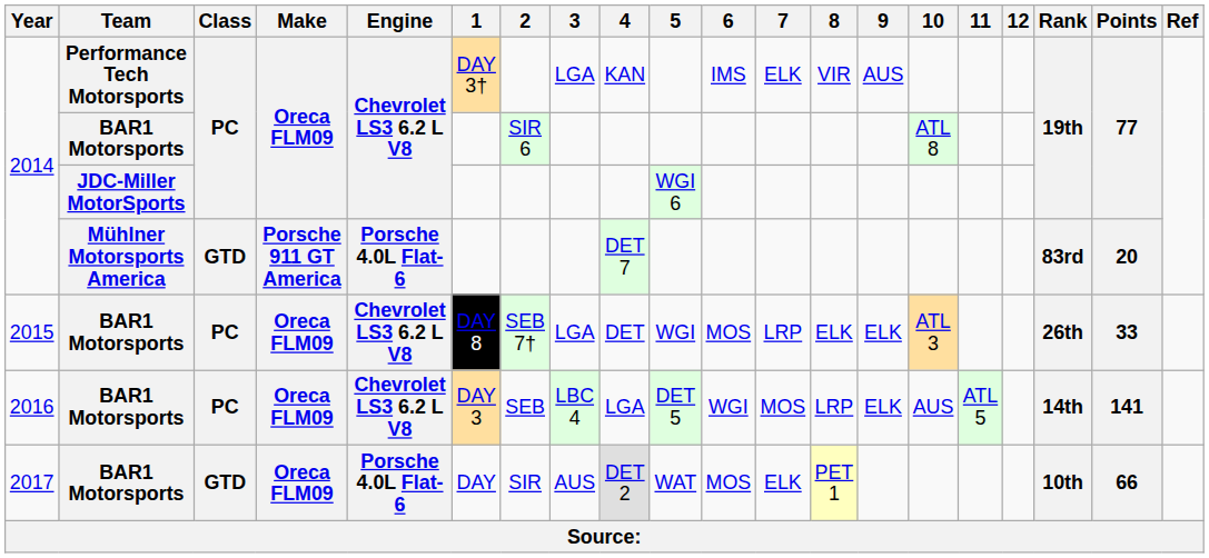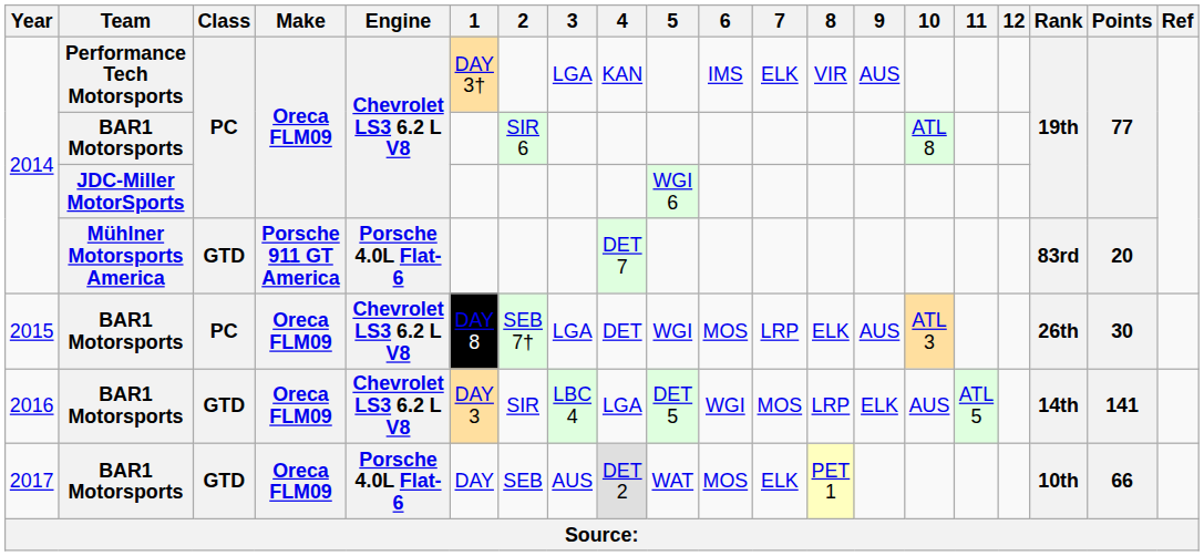 <table class="wikitable" style="text-align:center; font-size:90%">
 <tr>
 <th>Year</th>
 <th>Team</th>
 <th>Class</th>
 <th>Make</th>
 <th>Engine</th>
 <th>1</th>
 <th>2</th>
 <th>3</th>
 <th>4</th>
 <th>5</th>
 <th>6</th>
 <th>7</th>
 <th>8</th>
 <th>9</th>
 <th>10</th>
 <th>11</th>
 <th>12</th>
 <th>Rank</th>
 <th>Points</th>
 <th>Ref</th>
 </tr>
 <tr>
 <td rowspan="4"><a href='#'>2014</a></td>
 <th>Performance Tech Motorsports</th>
 <th rowspan="3">PC</th>
 <th rowspan="3"><a href='#'>Oreca FLM09</a></th>
 <th rowspan="3"><a href='#'>Chevrolet</a> <a href='#'>LS3</a> 6.2 L <a href='#'>V8</a></th>
 <td style="background:#FFDF9F;”"><a href='#'>DAY</a><br>3†</td>
 <td></td>
 <td><a href='#'>LGA</a><br></td>
 <td><a href='#'>KAN</a><br></td>
 <td></td>
 <td><a href='#'>IMS</a><br></td>
 <td><a href='#'>ELK</a><br></td>
 <td><a href='#'>VIR</a><br></td>
 <td><a href='#'>AUS</a><br></td>
 <td></td>
 <td></td>
 <td></td>
 <th rowspan="3">19th</th>
 <th rowspan="3">77</th>
 <td rowspan="4"></td>
 </tr>
 <tr>
 <th>BAR1 Motorsports</th>
 <td></td>
 <td style="background:#DFFFDF;"><a href='#'>SIR</a><br>6</td>
 <td></td>
 <td></td>
 <td></td>
 <td></td>
 <td></td>
 <td></td>
 <td></td>
 <td style="background:#DFFFDF;"><a href='#'>ATL</a><br>8</td>
 <td></td>
 <td></td>
 </tr>
 <tr>
 <th><a href='#'>JDC-Miller MotorSports</a></th>
 <td></td>
 <td></td>
 <td></td>
 <td></td>
 <td style="background:#DFFFDF;"><a href='#'>WGI</a><br>6</td>
 <td></td>
 <td></td>
 <td></td>
 <td></td>
 <td></td>
 <td></td>
 <td></td>
 </tr>
 <tr>
 <th><a href='#'>Mühlner Motorsports America</a></th>
 <th>GTD</th>
 <th><a href='#'>Porsche 911 GT America</a></th>
 <th><a href='#'>Porsche</a> 4.0L <a href='#'>Flat-6</a></th>
 <td></td>
 <td></td>
 <td></td>
 <td style="background:#DFFFDF;"><a href='#'>DET</a><br>7</td>
 <td></td>
 <td></td>
 <td></td>
 <td></td>
 <td></td>
 <td></td>
 <td></td>
 <td></td>
 <th>83rd</th>
 <th>20</th>
 </tr>
 <tr>
 <td><a href='#'>2015</a></td>
 <th>BAR1 Motorsports</th>
 <th>PC</th>
 <th><a href='#'>Oreca FLM09</a></th>
 <th><a href='#'>Chevrolet</a> <a href='#'>LS3</a> 6.2 L <a href='#'>V8</a></th>
 <td style="background:#000000;color:white"><a href='#'>DAY</a><br>8</td>
 <td style="background:#DFFFDF;"><a href='#'>SEB</a><br>7†</td>
 <td><a href='#'>LGA</a><br></td>
 <td><a href='#'>DET</a><br></td>
 <td><a href='#'>WGI</a><br></td>
 <td><a href='#'>MOS</a><br></td>
 <td><a href='#'>LRP</a><br></td>
 <td><a href='#'>ELK</a><br></td>
-<td><a href='#'>ELK</a><br></td>
+<td><a href='#'>AUS</a><br></td>
 <td style="background:#FFDF9F;"><a href='#'>ATL</a><br>3</td>
 <td></td>
 <td></td>
 <th>26th</th>
-<th>33</th>
+<th>30</th>
 <td></td>
 </tr>
 <tr>
 <td><a href='#'>2016</a></td>
 <th>BAR1 Motorsports</th>
-<th>PC</th>
+<th>GTD</th>
 <th><a href='#'>Oreca FLM09</a></th>
 <th><a href='#'>Chevrolet</a> <a href='#'>LS3</a> 6.2 L <a href='#'>V8</a></th>
 <td style="background:#FFDF9F;"><a href='#'>DAY</a><br>3</td>
-<td><a href='#'>SEB</a><br></td>
+<td><a href='#'>SIR</a><br></td>
 <td style="background:#DFFFDF;"><a href='#'>LBC</a><br>4</td>
 <td><a href='#'>LGA</a><br></td>
 <td style="background:#DFFFDF;"><a href='#'>DET</a><br>5</td>
 <td><a href='#'>WGI</a><br></td>
 <td><a href='#'>MOS</a><br></td>
 <td><a href='#'>LRP</a><br></td>
 <td><a href='#'>ELK</a><br></td>
 <td><a href='#'>AUS</a><br></td>
 <td style="background:#DFFFDF;"><a href='#'>ATL</a><br>5</td>
 <td></td>
 <th>14th</th>
 <th>141</th>
 <td></td>
 </tr>
 <tr>
 <td><a href='#'>2017</a></td>
 <th>BAR1 Motorsports</th>
 <th>GTD</th>
 <th><a href='#'>Oreca FLM09</a></th>
 <th><a href='#'>Porsche</a> 4.0L <a href='#'>Flat-6</a></th>
 <td><a href='#'>DAY</a><br></td>
-<td><a href='#'>SIR</a><br></td>
+<td><a href='#'>SEB</a><br></td>
 <td><a href='#'>AUS</a><br></td>
 <td style="background:#DFDFDF;"><a href='#'>DET</a><br>2</td>
 <td><a href='#'>WAT</a><br></td>
 <td><a href='#'>MOS</a><br></td>
 <td><a href='#'>ELK</a><br></td>
 <td style="background:#FFFFBF;"><a href='#'>PET</a><br>1</td>
 <td></td>
 <td></td>
 <td></td>
 <td></td>
 <th>10th</th>
 <th>66</th>
 <td></td>
 </tr>
 <tr>
 <th colspan="20">Source:</th>
 </tr>
 </table>
